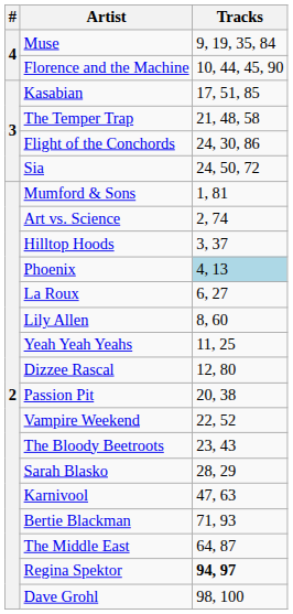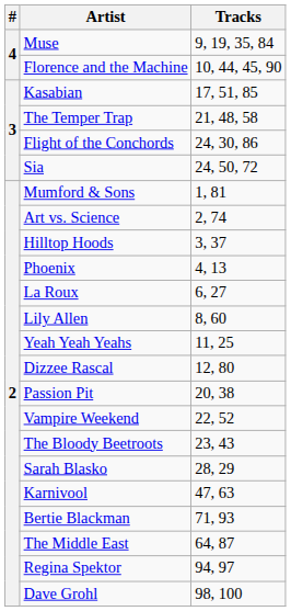 <table class="wikitable sortable">
 <tr>
 <th>#</th>
 <th>Artist</th>
 <th>Tracks</th>
 </tr>
 <tr>
 <th rowspan="2">4</th>
 <td><a href='#'>Muse</a></td>
 <td>9, 19, 35, 84</td>
 </tr>
 <tr>
 <td><a href='#'>Florence and the Machine</a></td>
 <td>10, 44, 45, 90</td>
 </tr>
 <tr>
 <th rowspan="4">3</th>
 <td><a href='#'>Kasabian</a></td>
 <td>17, 51, 85</td>
 </tr>
 <tr>
 <td><a href='#'>The Temper Trap</a></td>
 <td>21, 48, 58</td>
 </tr>
 <tr>
 <td><a href='#'>Flight of the Conchords</a></td>
 <td>24, 30, 86</td>
 </tr>
 <tr>
 <td><a href='#'>Sia</a></td>
 <td>24, 50, 72</td>
 </tr>
 <tr>
 <th rowspan="17">2</th>
 <td><a href='#'>Mumford & Sons</a></td>
 <td>1, 81</td>
 </tr>
 <tr>
 <td><a href='#'>Art vs. Science</a></td>
 <td>2, 74</td>
 </tr>
 <tr>
 <td><a href='#'>Hilltop Hoods</a></td>
 <td>3, 37</td>
 </tr>
 <tr>
 <td><a href='#'>Phoenix</a></td>
-<td style="background: lightblue;">4, 13</td>
+<td>4, 13</td>
 </tr>
 <tr>
 <td><a href='#'>La Roux</a></td>
 <td>6, 27</td>
 </tr>
 <tr>
 <td><a href='#'>Lily Allen</a></td>
 <td>8, 60</td>
 </tr>
 <tr>
 <td><a href='#'>Yeah Yeah Yeahs</a></td>
 <td>11, 25</td>
 </tr>
 <tr>
 <td><a href='#'>Dizzee Rascal</a></td>
 <td>12, 80</td>
 </tr>
 <tr>
 <td><a href='#'>Passion Pit</a></td>
 <td>20, 38</td>
 </tr>
 <tr>
 <td><a href='#'>Vampire Weekend</a></td>
 <td>22, 52</td>
 </tr>
 <tr>
 <td><a href='#'>The Bloody Beetroots</a></td>
 <td>23, 43</td>
 </tr>
 <tr>
 <td><a href='#'>Sarah Blasko</a></td>
 <td>28, 29</td>
 </tr>
 <tr>
 <td><a href='#'>Karnivool</a></td>
 <td>47, 63</td>
 </tr>
 <tr>
 <td><a href='#'>Bertie Blackman</a></td>
 <td>71, 93</td>
 </tr>
 <tr>
 <td><a href='#'>The Middle East</a></td>
 <td>64, 87</td>
 </tr>
 <tr>
 <td><a href='#'>Regina Spektor</a></td>
-<td><strong>94, 97</strong></td>
+<td>94, 97</td>
 </tr>
 <tr>
 <td><a href='#'>Dave Grohl</a></td>
 <td>98, 100</td>
 </tr>
 </table>
